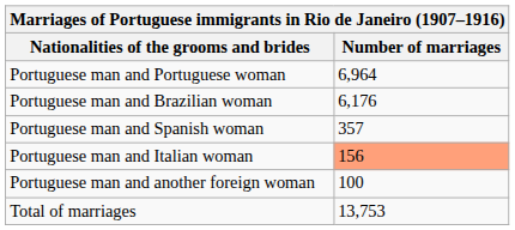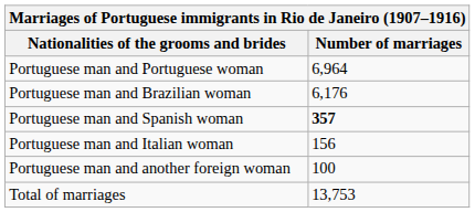 <table class="wikitable" style="float: right; margin-left:1em;">
 <tr>
 <th colspan=4>Marriages of Portuguese immigrants in Rio de Janeiro (1907–1916)</th>
 </tr>
 <tr>
 <th>Nationalities of the grooms and brides</th>
 <th>Number of marriages</th>
 </tr>
 <tr>
 <td>Portuguese man and Portuguese woman</td>
 <td>6,964</td>
 </tr>
 <tr>
 <td>Portuguese man and Brazilian woman</td>
 <td>6,176</td>
 </tr>
 <tr>
 <td>Portuguese man and Spanish woman</td>
-<td>357</td>
+<td><strong>357</strong></td>
 </tr>
 <tr>
 <td>Portuguese man and Italian woman</td>
-<td style="background: lightsalmon;">156</td>
+<td>156</td>
 </tr>
 <tr>
 <td>Portuguese man and another foreign woman</td>
 <td>100</td>
 </tr>
 <tr>
 <td>Total of marriages</td>
 <td>13,753</td>
 </tr>
 </table>
